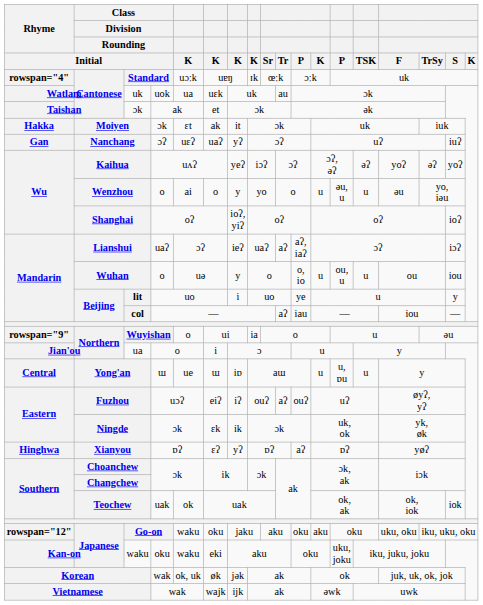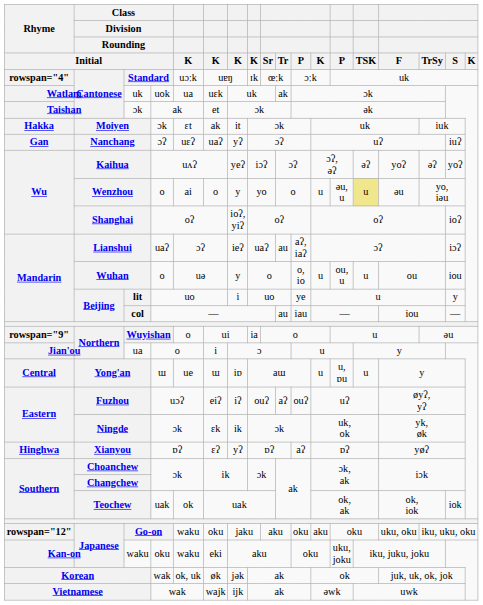 <table class="wikitable" style="text-align: center;">
 <tr>
 <th rowspan="3">Rhyme</th>
 <th colspan="3">Class</th>
 <th></th>
 <th></th>
 <th></th>
 <th></th>
 <th colspan="4"></th>
 <th></th>
 <th></th>
 <th colspan="4"></th>
 </tr>
 <tr>
 <th colspan="3">Division</th>
 <th></th>
 <th></th>
 <th></th>
 <th></th>
 <th colspan="4"></th>
 <th></th>
 <th></th>
 <th colspan="4"></th>
 </tr>
 <tr>
 <th colspan="3">Rounding</th>
 <th></th>
 <th></th>
 <th></th>
 <th></th>
 <th colspan="4"></th>
 <th></th>
 <th></th>
 <th colspan="4"></th>
 </tr>
 <tr>
 <th colspan="4">Initial</th>
 <th>K</th>
 <th>K</th>
 <th>K</th>
 <th>K</th>
 <th>Sr</th>
 <th>Tr</th>
 <th>P</th>
 <th>K</th>
 <th>P</th>
 <th>TSK</th>
 <th>F</th>
 <th>TrSy</th>
 <th>S</th>
 <th>K</th>
 </tr>
 <tr>
 <th>rowspan="4" </th>
 <th rowspan="3"><a href='#'>Cantonese</a></th>
 <th colspan="2"><a href='#'>Standard</a></th>
 <td>uɔːk</td>
 <td colspan="2">uɐŋ</td>
 <td>ɪk</td>
 <td colspan="2">œːk</td>
 <td colspan="2">ɔːk</td>
 <td colspan="6">uk</td>
 </tr>
 <tr>
 <th colspan="2"><a href='#'>Watlam</a></th>
 <td>uk</td>
 <td>uok</td>
 <td>ua</td>
 <td>uɛk</td>
 <td colspan="3">uk</td>
-<td>au</td>
+<td>ak</td>
 <td colspan="6">ɔk</td>
 </tr>
 <tr>
 <th colspan="2"><a href='#'>Taishan</a></th>
 <td>ɔk</td>
 <td colspan="2">ak</td>
 <td>et</td>
 <td colspan="4">ɔk</td>
 <td colspan="6">ək</td>
 </tr>
 <tr>
 <th><a href='#'>Hakka</a></th>
 <th colspan="2"><a href='#'>Moiyen</a></th>
 <td>ɔk</td>
 <td>ɛt</td>
 <td>ak</td>
 <td>it</td>
 <td colspan="4">ɔk</td>
 <td colspan="4">uk</td>
 <td colspan="2">iuk</td>
 </tr>
 <tr>
 <th><a href='#'>Gan</a></th>
 <th colspan="2"><a href='#'>Nanchang</a></th>
 <td>ɔʔ</td>
 <td>uɛʔ</td>
 <td>uaʔ</td>
 <td>yʔ</td>
 <td colspan="4">ɔʔ</td>
 <td colspan="5">uʔ</td>
 <td>iuʔ</td>
 </tr>
 <tr>
 <th rowspan="3"><a href='#'>Wu</a></th>
 <th colspan="2"><a href='#'>Kaihua</a></th>
 <td colspan="3">uʌʔ</td>
 <td>yeʔ</td>
 <td colspan="2">iɔʔ</td>
 <td colspan="2">ɔʔ</td>
 <td colspan="2">ɔʔ,<br>əʔ</td>
 <td>əʔ</td>
 <td>yoʔ</td>
 <td>əʔ</td>
 <td>yoʔ</td>
 </tr>
 <tr>
 <th colspan="2"><a href='#'>Wenzhou</a></th>
 <td>o</td>
 <td>ai</td>
 <td>o</td>
 <td>y</td>
 <td colspan="2">yo</td>
 <td colspan="2">o</td>
 <td>u</td>
 <td>əu,<br>u</td>
-<td>u</td>
+<td style="background: khaki;">u</td>
 <td>əu</td>
 <td colspan="2">yo,<br>iəu</td>
 </tr>
 <tr>
 <th colspan="2"><a href='#'>Shanghai</a></th>
 <td colspan="3">oʔ</td>
 <td>ioʔ,<br>yiʔ</td>
 <td colspan="4">oʔ</td>
 <td colspan="5">oʔ</td>
 <td>ioʔ</td>
 </tr>
 <tr>
 <th rowspan="4"><a href='#'>Mandarin</a></th>
 <th colspan="2"><a href='#'>Lianshui</a></th>
 <td>uaʔ</td>
 <td colspan="2">ɔʔ</td>
 <td>ieʔ</td>
 <td colspan="2">uaʔ</td>
-<td>aʔ</td>
+<td>au</td>
 <td>aʔ,<br>iaʔ</td>
 <td colspan="5">ɔʔ</td>
 <td>iɔʔ</td>
 </tr>
 <tr>
 <th colspan="2"><a href='#'>Wuhan</a></th>
 <td>o</td>
 <td colspan="2">uə</td>
 <td>y</td>
 <td colspan="3">o</td>
 <td>o,<br>io</td>
 <td>u</td>
 <td>ou,<br>u</td>
 <td>u</td>
 <td colspan="2">ou</td>
 <td>iou</td>
 </tr>
 <tr>
 <th rowspan="2"><a href='#'>Beijing</a></th>
 <th>lit</th>
 <td colspan="3">uo</td>
 <td>i</td>
 <td colspan="3">uo</td>
 <td>ye</td>
 <td colspan="5">u</td>
 <td>y</td>
 </tr>
 <tr>
 <th>col</th>
 <td colspan="6">—</td>
-<td>aʔ</td>
+<td>au</td>
 <td>iau</td>
 <td colspan="3">—</td>
 <td colspan="2">iou</td>
 <td>—</td>
 </tr>
 <tr>
 <th colspan="19"></th>
 </tr>
 <tr>
 <th>rowspan="9" </th>
 <th rowspan="2"><a href='#'>Northern</a></th>
 <th colspan="2"><a href='#'>Wuyishan</a></th>
 <td>o</td>
 <td colspan="2">ui</td>
 <td>ia</td>
 <td colspan="4">o</td>
 <td colspan="3">u</td>
 <td colspan="3">əu</td>
 </tr>
 <tr>
 <th colspan="2"><a href='#'>Jian'ou</a></th>
 <td>ua</td>
 <td colspan="2">o</td>
 <td>i</td>
 <td colspan="4">ɔ</td>
 <td colspan="3">u</td>
 <td colspan="3">y</td>
 </tr>
 <tr>
 <th><a href='#'>Central</a></th>
 <th colspan="2"><a href='#'>Yong'an</a></th>
 <td>ɯ</td>
 <td>ue</td>
 <td>ɯ</td>
 <td>iɒ</td>
 <td colspan="4">aɯ</td>
 <td>u</td>
 <td>u,<br>ɒu</td>
 <td>u</td>
 <td colspan="3">y</td>
 </tr>
 <tr>
 <th rowspan="2"><a href='#'>Eastern</a></th>
 <th colspan="2"><a href='#'>Fuzhou</a></th>
 <td colspan="2">uɔʔ</td>
 <td>eiʔ</td>
 <td>iʔ</td>
 <td colspan="2">ouʔ</td>
 <td>aʔ</td>
 <td>ouʔ</td>
 <td colspan="3">uʔ</td>
 <td colspan="3">øyʔ,<br>yʔ</td>
 </tr>
 <tr>
 <th colspan="2"><a href='#'>Ningde</a></th>
 <td colspan="2">ɔk</td>
 <td>ɛk</td>
 <td>ik</td>
 <td colspan="4">ɔk</td>
 <td colspan="3">uk,<br>ok</td>
 <td colspan="3">yk,<br>øk</td>
 </tr>
 <tr>
 <th><a href='#'>Hinghwa</a></th>
 <th colspan="2"><a href='#'>Xianyou</a></th>
 <td colspan="2">ɒʔ</td>
 <td>ɛʔ</td>
 <td>yʔ</td>
 <td colspan="3">ɒʔ</td>
 <td>aʔ</td>
 <td colspan="3">ɒʔ</td>
 <td colspan="3">yøʔ</td>
 </tr>
 <tr>
 <th rowspan="3"><a href='#'>Southern</a></th>
 <th colspan="2"><a href='#'>Choanchew</a></th>
 <td colspan="2" rowspan="2">ɔk</td>
 <td colspan="2" rowspan="2">ik</td>
 <td colspan="2" rowspan="2">ɔk</td>
 <td colspan="2" rowspan="3">ak</td>
 <td colspan="3" rowspan="2">ɔk,<br>ak</td>
 <td colspan="3" rowspan="2">iɔk</td>
 </tr>
 <tr>
 <th colspan="2"><a href='#'>Changchew</a></th>
 </tr>
 <tr>
 <th colspan="2"><a href='#'>Teochew</a></th>
 <td>uak</td>
 <td>ok</td>
 <td colspan="4">uak</td>
 <td colspan="3">ok,<br>ak</td>
 <td colspan="2">ok,<br>iok</td>
 <td>iok</td>
 </tr>
 <tr>
 <th colspan="19"></th>
 </tr>
 <tr>
 <th>rowspan="12" </th>
 <th rowspan="2"><a href='#'>Japanese</a></th>
 <th colspan="2"><a href='#'>Go-on</a></th>
 <td>waku</td>
 <td>oku</td>
 <td colspan="2">jaku</td>
 <td colspan="2">aku</td>
 <td>oku</td>
 <td>aku</td>
 <td colspan="2">oku</td>
 <td>uku, oku</td>
 <td colspan="3">iku, uku, oku</td>
 </tr>
 <tr>
 <th colspan="2"><a href='#'>Kan-on</a></th>
 <td>waku</td>
 <td>oku</td>
 <td>waku</td>
 <td>eki</td>
 <td colspan="4">aku</td>
 <td colspan="2">oku</td>
 <td>uku,<br>joku</td>
 <td colspan="3">iku, juku, joku</td>
 </tr>
 <tr>
 <th colspan="3"><a href='#'>Korean</a></th>
 <td>wak</td>
 <td>ok, uk</td>
 <td>øk</td>
 <td>jək</td>
 <td colspan="4">ak</td>
 <td colspan="3">ok</td>
 <td colspan="3">juk, uk, ok, jok</td>
 </tr>
 <tr>
 <th colspan="3"><a href='#'>Vietnamese</a></th>
 <td colspan="2">wak</td>
 <td>wajk</td>
 <td>ijk</td>
 <td colspan="4">ak</td>
 <td colspan="2">əwk</td>
 <td colspan="4">uwk</td>
 </tr>
 </table>
